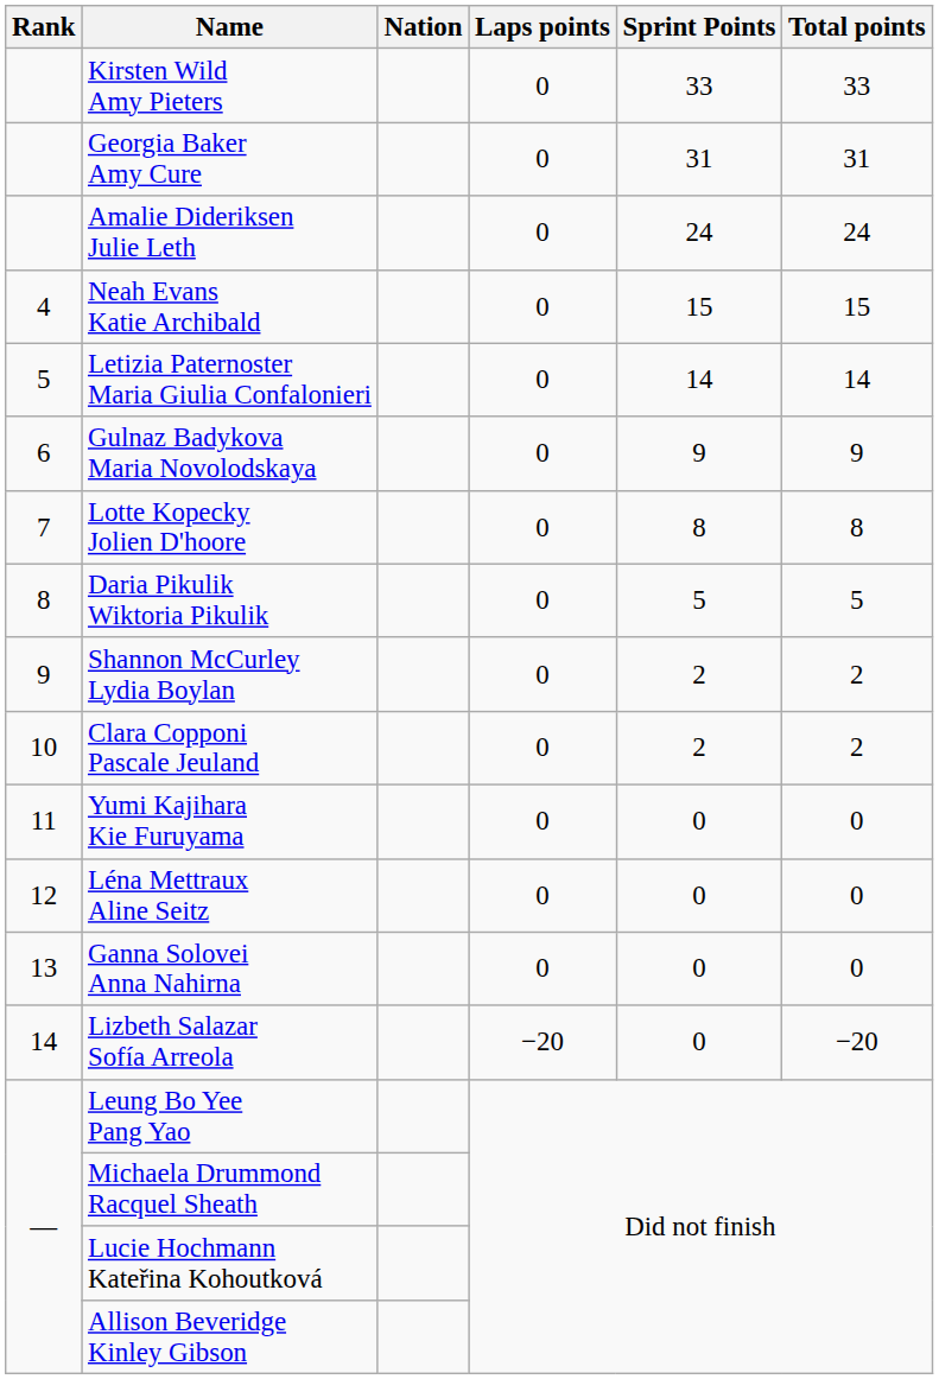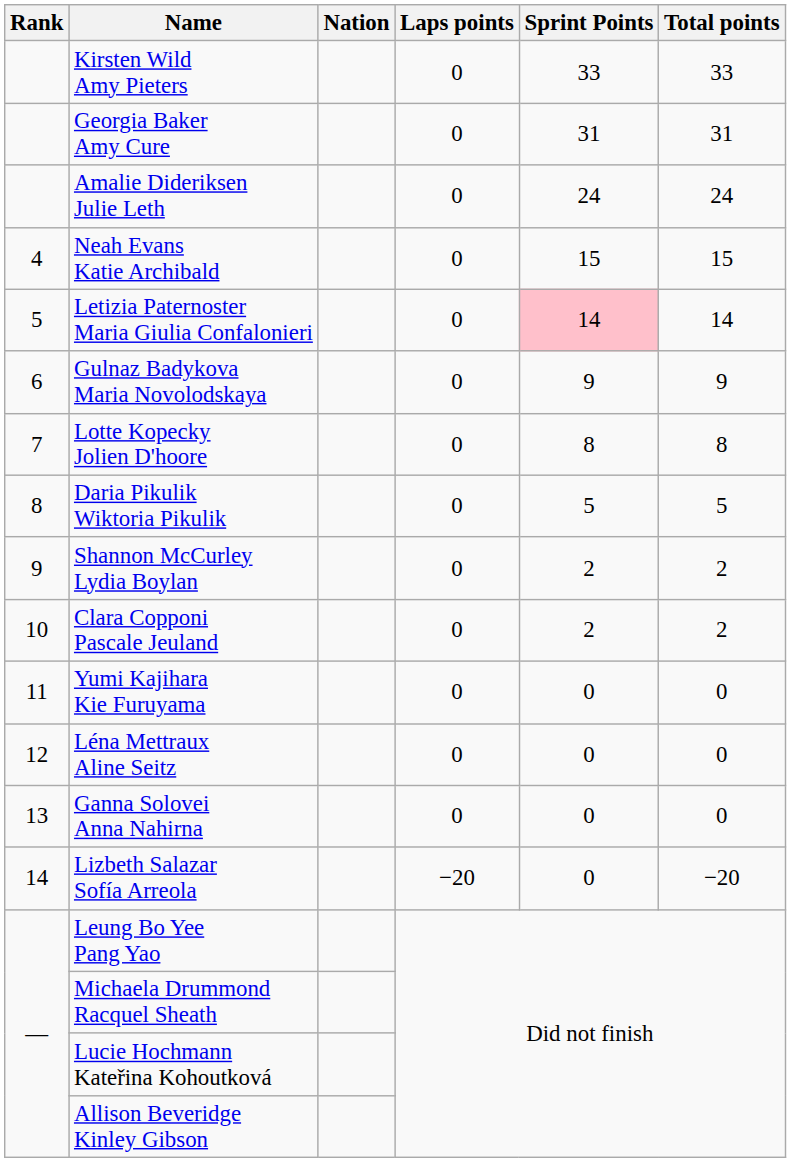 <table class="wikitable sortable" style="text-align:center">
 <tr>
 <th>Rank</th>
 <th>Name</th>
 <th>Nation</th>
 <th>Laps points</th>
 <th>Sprint Points</th>
 <th>Total points</th>
 </tr>
 <tr>
 <td></td>
 <td align=left><a href='#'>Kirsten Wild</a><br><a href='#'>Amy Pieters</a></td>
 <td align=left></td>
 <td>0</td>
 <td>33</td>
 <td>33</td>
 </tr>
 <tr>
 <td></td>
 <td align=left><a href='#'>Georgia Baker</a><br><a href='#'>Amy Cure</a></td>
 <td align=left></td>
 <td>0</td>
 <td>31</td>
 <td>31</td>
 </tr>
 <tr>
 <td></td>
 <td align=left><a href='#'>Amalie Dideriksen</a><br><a href='#'>Julie Leth</a></td>
 <td align=left></td>
 <td>0</td>
 <td>24</td>
 <td>24</td>
 </tr>
 <tr>
 <td>4</td>
 <td align=left><a href='#'>Neah Evans</a><br><a href='#'>Katie Archibald</a></td>
 <td align=left></td>
 <td>0</td>
 <td>15</td>
 <td>15</td>
 </tr>
 <tr>
 <td>5</td>
 <td align=left><a href='#'>Letizia Paternoster</a><br><a href='#'>Maria Giulia Confalonieri</a></td>
 <td align=left></td>
 <td>0</td>
-<td>14</td>
+<td style="background: pink;">14</td>
 <td>14</td>
 </tr>
 <tr>
 <td>6</td>
 <td align=left><a href='#'>Gulnaz Badykova</a><br><a href='#'>Maria Novolodskaya</a></td>
 <td align=left></td>
 <td>0</td>
 <td>9</td>
 <td>9</td>
 </tr>
 <tr>
 <td>7</td>
 <td align=left><a href='#'>Lotte Kopecky</a><br><a href='#'>Jolien D'hoore</a></td>
 <td align=left></td>
 <td>0</td>
 <td>8</td>
 <td>8</td>
 </tr>
 <tr>
 <td>8</td>
 <td align=left><a href='#'>Daria Pikulik</a><br><a href='#'>Wiktoria Pikulik</a></td>
 <td align=left></td>
 <td>0</td>
 <td>5</td>
 <td>5</td>
 </tr>
 <tr>
 <td>9</td>
 <td align=left><a href='#'>Shannon McCurley</a><br><a href='#'>Lydia Boylan</a></td>
 <td align=left></td>
 <td>0</td>
 <td>2</td>
 <td>2</td>
 </tr>
 <tr>
 <td>10</td>
 <td align=left><a href='#'>Clara Copponi</a><br><a href='#'>Pascale Jeuland</a></td>
 <td align=left></td>
 <td>0</td>
 <td>2</td>
 <td>2</td>
 </tr>
 <tr>
 <td>11</td>
 <td align=left><a href='#'>Yumi Kajihara</a><br><a href='#'>Kie Furuyama</a></td>
 <td align=left></td>
 <td>0</td>
 <td>0</td>
 <td>0</td>
 </tr>
 <tr>
 <td>12</td>
 <td align=left><a href='#'>Léna Mettraux</a><br><a href='#'>Aline Seitz</a></td>
 <td align=left></td>
 <td>0</td>
 <td>0</td>
 <td>0</td>
 </tr>
 <tr>
 <td>13</td>
 <td align=left><a href='#'>Ganna Solovei</a><br><a href='#'>Anna Nahirna</a></td>
 <td align=left></td>
 <td>0</td>
 <td>0</td>
 <td>0</td>
 </tr>
 <tr>
 <td>14</td>
 <td align=left><a href='#'>Lizbeth Salazar</a><br><a href='#'>Sofía Arreola</a></td>
 <td align=left></td>
 <td>−20</td>
 <td>0</td>
 <td>−20</td>
 </tr>
 <tr>
 <td rowspan=4>—</td>
 <td align=left><a href='#'>Leung Bo Yee</a><br><a href='#'>Pang Yao</a></td>
 <td align=left></td>
 <td rowspan=4 colspan=3>Did not finish</td>
 </tr>
 <tr>
 <td align=left><a href='#'>Michaela Drummond</a><br><a href='#'>Racquel Sheath</a></td>
 <td align=left></td>
 </tr>
 <tr>
 <td align=left><a href='#'>Lucie Hochmann</a><br>Kateřina Kohoutková</td>
 <td align=left></td>
 </tr>
 <tr>
 <td align=left><a href='#'>Allison Beveridge</a><br><a href='#'>Kinley Gibson</a></td>
 <td align=left></td>
 </tr>
 </table>
